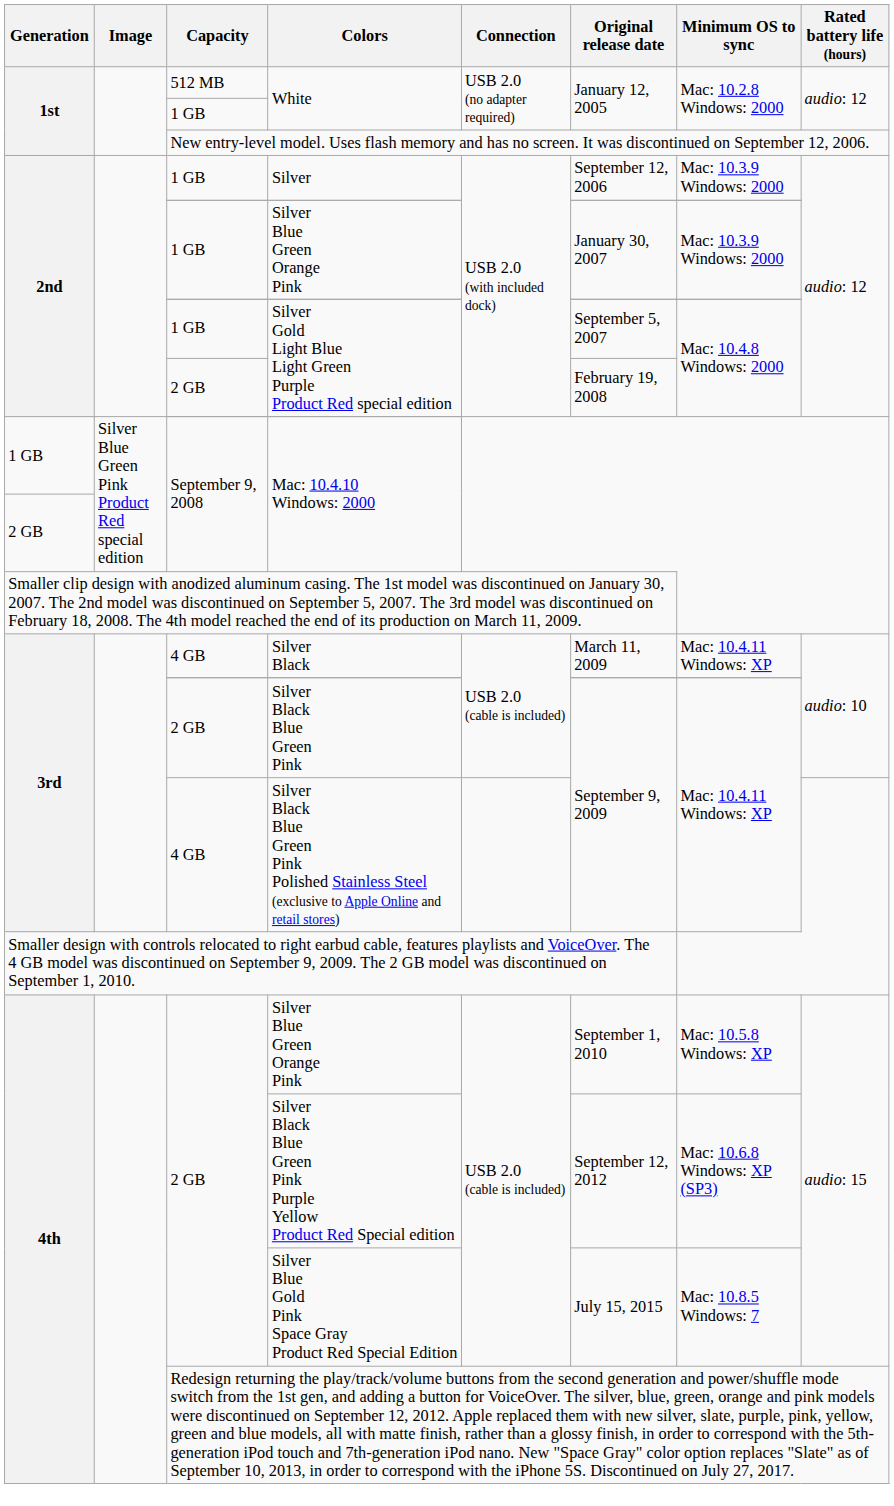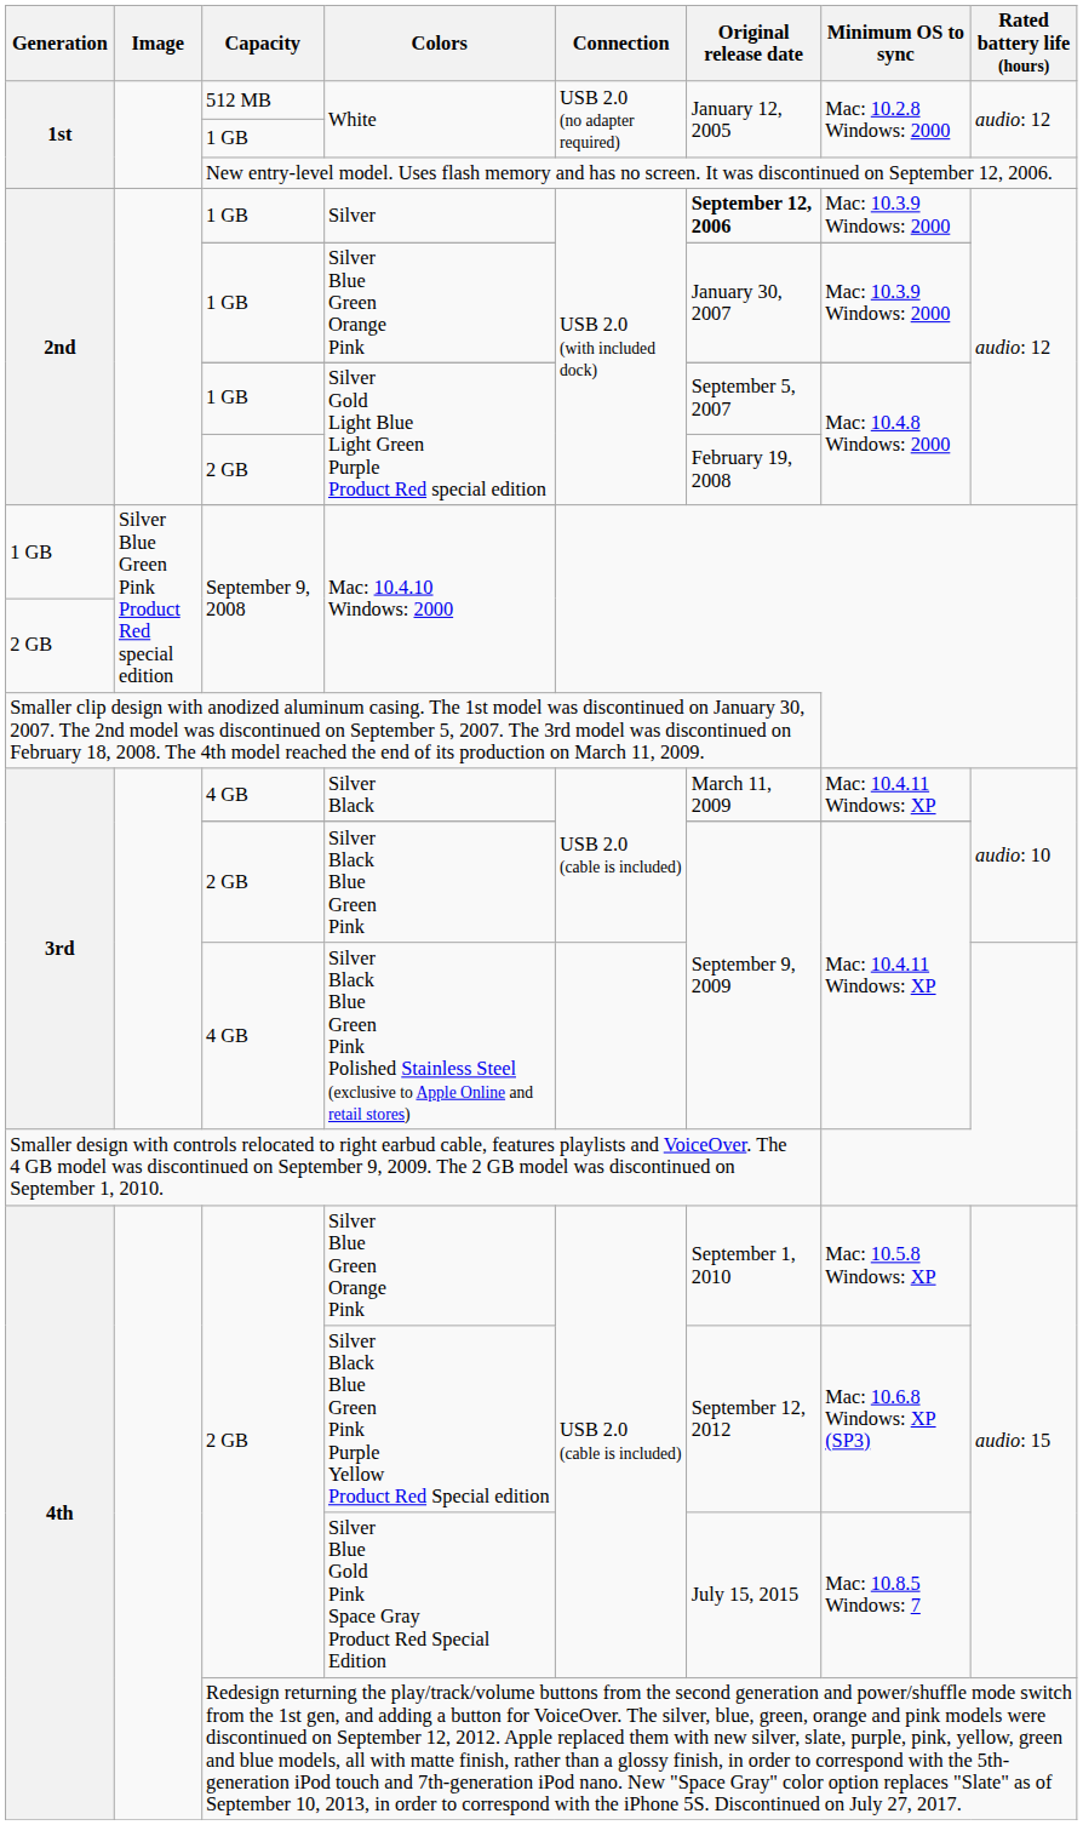 <table class="wikitable">
 <tr>
 <th>Generation</th>
 <th>Image</th>
 <th>Capacity</th>
 <th>Colors</th>
 <th>Connection</th>
 <th>Original release date</th>
 <th>Minimum OS to sync</th>
 <th>Rated battery life <small>(hours)</small></th>
 </tr>
 <tr>
 <th rowspan=3>1st</th>
 <td rowspan="3" style="text-align:center;"></td>
 <td>512 MB</td>
 <td rowspan=2>White</td>
 <td rowspan=2>USB 2.0<br><small>(no adapter required)</small></td>
 <td rowspan=2>January 12, 2005</td>
 <td rowspan=2>Mac: <a href='#'>10.2.8</a><br>Windows: <a href='#'>2000</a></td>
 <td rowspan=2><em>audio</em>: 12</td>
 </tr>
 <tr>
 <td>1 GB</td>
 </tr>
 <tr>
 <td colspan="6">New entry-level model. Uses flash memory and has no screen. It was discontinued on September 12, 2006.</td>
 </tr>
 <tr>
 <th rowspan=7>2nd</th>
 <td rowspan="7" style="text-align:center;"></td>
 <td>1 GB</td>
 <td>Silver</td>
 <td rowspan=6>USB 2.0<br><small>(with included dock)</small></td>
-<td>September 12, 2006</td>
+<td><strong>September 12, 2006</strong></td>
 <td>Mac: <a href='#'>10.3.9</a><br>Windows: <a href='#'>2000</a></td>
 <td rowspan=6><em>audio</em>: 12</td>
 </tr>
 <tr>
 </tr>
 <tr>
 <td>1 GB</td>
 <td>Silver<br>Blue<br>Green<br>Orange<br>Pink</td>
 <td>January 30, 2007</td>
 <td>Mac: <a href='#'>10.3.9</a><br>Windows: <a href='#'>2000</a></td>
 </tr>
 <tr>
 </tr>
 <tr>
 <td>1 GB</td>
 <td rowspan=2>Silver<br>Gold<br>Light Blue<br>Light Green<br>Purple<br><a href='#'>Product Red</a> special edition</td>
 <td>September 5, 2007</td>
 <td rowspan=2>Mac: <a href='#'>10.4.8</a><br>Windows: <a href='#'>2000</a></td>
 </tr>
 <tr>
 <td>2 GB</td>
 <td>February 19, 2008</td>
 </tr>
 <tr>
 </tr>
 <tr>
 <td>1 GB</td>
 <td rowspan=2>Silver<br>Blue<br>Green<br>Pink<br><a href='#'>Product Red</a> special edition</td>
 <td rowspan=2>September 9, 2008</td>
 <td rowspan=2>Mac: <a href='#'>10.4.10</a><br>Windows: <a href='#'>2000</a></td>
 </tr>
 <tr>
 <td>2 GB</td>
 </tr>
 <tr>
 <td colspan=6>Smaller clip design with anodized aluminum casing. The 1st model was discontinued on January 30, 2007. The 2nd model was discontinued on September 5, 2007. The 3rd model was discontinued on February 18, 2008. The 4th model reached the end of its production on March 11, 2009.</td>
 </tr>
 <tr>
 <th rowspan=4>3rd</th>
 <td rowspan="4" style="text-align:center;"></td>
 <td>4 GB</td>
 <td>Silver<br>Black</td>
 <td rowspan=3>USB 2.0<br><small>(cable is included)</small></td>
 <td>March 11, 2009</td>
 <td>Mac: <a href='#'>10.4.11</a><br>Windows: <a href='#'>XP</a></td>
 <td rowspan=3><em>audio</em>: 10</td>
 </tr>
 <tr>
 </tr>
 <tr>
 <td>2 GB</td>
 <td>Silver<br>Black<br>Blue<br>Green<br>Pink</td>
 <td rowspan=2>September 9, 2009</td>
 <td rowspan=2>Mac: <a href='#'>10.4.11</a><br>Windows: <a href='#'>XP</a></td>
 </tr>
 <tr>
 <td>4 GB</td>
 <td>Silver<br>Black<br>Blue<br>Green<br>Pink<br>Polished <a href='#'>Stainless Steel</a> <small>(exclusive to <a href='#'>Apple Online</a> and <a href='#'>retail stores</a>)</small></td>
 </tr>
 <tr>
 <td colspan=6>Smaller design with controls relocated to right earbud cable, features playlists and <a href='#'>VoiceOver</a>. The 4 GB model was discontinued on September 9, 2009. The 2 GB model was discontinued on September 1, 2010.</td>
 </tr>
 <tr>
 <th rowspan=4>4th</th>
 <td rowspan="4" style="text-align:center;"></td>
 <td rowspan="3">2 GB</td>
 <td>Silver<br>Blue<br>Green<br>Orange<br>Pink</td>
 <td rowspan="3">USB 2.0<br><small>(cable is included)</small></td>
 <td>September 1, 2010</td>
 <td>Mac: <a href='#'>10.5.8</a><br>Windows: <a href='#'>XP</a></td>
 <td rowspan="3"><em>audio</em>: 15</td>
 </tr>
 <tr>
 <td>Silver<br>Black<br>Blue<br>Green<br>Pink<br>Purple<br>Yellow<br><a href='#'>Product Red</a> Special edition</td>
 <td>September 12, 2012</td>
 <td>Mac: <a href='#'>10.6.8</a><br>Windows: <a href='#'>XP (SP3)</a></td>
 </tr>
 <tr>
 <td>Silver<br>Blue<br>Gold<br>Pink<br>Space Gray<br>Product Red Special Edition</td>
 <td>July 15, 2015</td>
 <td>Mac: <a href='#'>10.8.5</a><br>Windows: <a href='#'>7</a></td>
 </tr>
 <tr>
 <td colspan="6">Redesign returning the play/track/volume buttons from the second generation and power/shuffle mode switch from the 1st gen, and adding a button for VoiceOver. The silver, blue, green, orange and pink models were discontinued on September 12, 2012. Apple replaced them with new silver, slate, purple, pink, yellow, green and blue models, all with matte finish, rather than a glossy finish, in order to correspond with the 5th-generation iPod touch and 7th-generation iPod nano. New "Space Gray" color option replaces "Slate" as of September 10, 2013, in order to correspond with the iPhone 5S. Discontinued on July 27, 2017.</td>
 </tr>
 </table>
